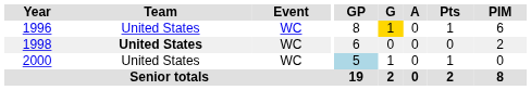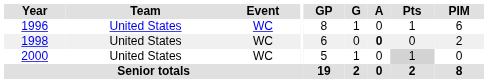 <table border="0" cellpadding="1" cellspacing="0" ID="Table3" style="text-align:center; width:40em">
 <tr bgcolor="#e0e0e0">
 <th>Year</th>
 <th>Team</th>
 <th>Event</th>
 <th rowspan="102" bgcolor="#ffffff"></th>
 <th>GP</th>
 <th>G</th>
 <th>A</th>
 <th>Pts</th>
 <th>PIM</th>
 </tr>
 <tr>
 <td><a href='#'>1996</a></td>
 <td><a href='#'>United States</a></td>
 <td><a href='#'>WC</a></td>
 <td>8</td>
-<td style="background: gold;">1</td>
+<td>1</td>
 <td>0</td>
 <td>1</td>
 <td>6</td>
 </tr>
 <tr bgcolor="#f0f0f0">
 <td><a href='#'>1998</a></td>
-<td><strong>United States</strong></td>
+<td>United States</td>
 <td>WC</td>
 <td>6</td>
 <td>0</td>
-<td>0</td>
+<td><strong>0</strong></td>
 <td>0</td>
 <td>2</td>
 </tr>
 <tr>
 <td><a href='#'>2000</a></td>
 <td>United States</td>
 <td>WC</td>
-<td style="background: lightblue;">5</td>
+<td>5</td>
 <td>1</td>
 <td>0</td>
-<td>1</td>
+<td style="background: lightgrey;">1</td>
 <td>0</td>
 </tr>
 <tr bgcolor="#e0e0e0">
 <th colspan="4">Senior totals</th>
 <th>19</th>
 <th>2</th>
 <th>0</th>
 <th>2</th>
 <th>8</th>
 </tr>
 </table>
